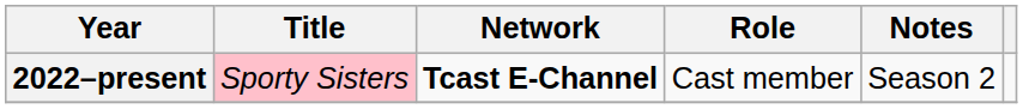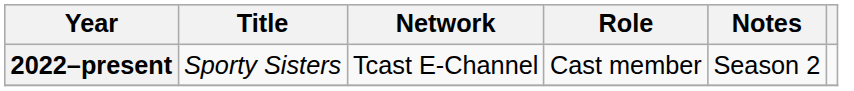 <table class="wikitable sortable plainrowheaders">
 <tr>
 <th scope="col">Year</th>
 <th scope="col">Title</th>
 <th scope="col">Network</th>
 <th scope="col">Role</th>
 <th scope="col">Notes</th>
 <th scope="col" class="unsortable"></th>
 </tr>
 <tr>
 <th scope="row">2022–present</th>
-<td style="background: pink;"><em>Sporty Sisters</em></td>
-<td><strong>Tcast E-Channel</strong></td>
+<td><em>Sporty Sisters</em></td>
+<td>Tcast E-Channel</td>
 <td>Cast member</td>
 <td>Season 2</td>
 <td></td>
 </tr>
 <tr>
 </tr>
 </table>
